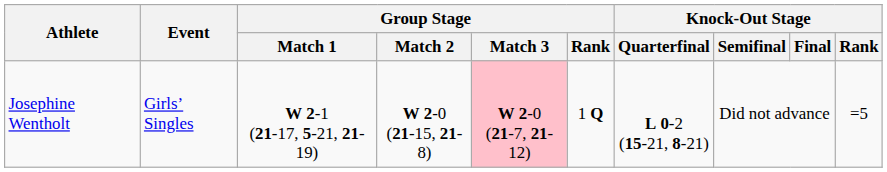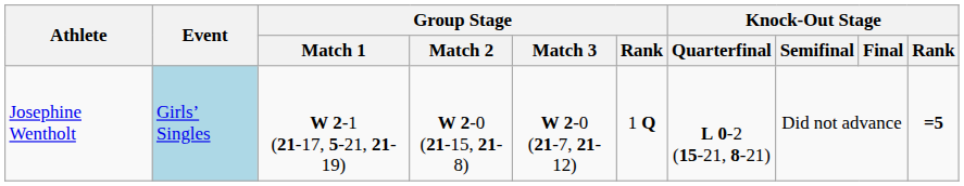 <table class="wikitable" width="85%" style="text-align:left; font-size:90%">
 <tr>
 <th rowspan=2>Athlete</th>
 <th rowspan=2>Event</th>
 <th colspan=4>Group Stage</th>
 <th colspan=4>Knock-Out Stage</th>
 </tr>
 <tr>
 <th>Match 1</th>
 <th>Match 2</th>
 <th>Match 3</th>
 <th>Rank</th>
 <th>Quarterfinal</th>
 <th>Semifinal</th>
 <th>Final</th>
 <th>Rank</th>
 </tr>
 <tr>
 <td><a href='#'>Josephine Wentholt</a></td>
-<td><a href='#'>Girls’ Singles</a></td>
+<td style="background: lightblue;"><a href='#'>Girls’ Singles</a></td>
 <td align=center> <br><br><strong>W</strong> <strong>2</strong>-1 <br> (<strong>21</strong>-17, <strong>5</strong>-21, <strong>21</strong>-19)</td>
 <td align=center> <br><br><strong>W</strong> <strong>2</strong>-0 <br> (<strong>21</strong>-15, <strong>21</strong>-8)</td>
-<td align=center style="background: pink;"> <br><br><strong>W</strong> <strong>2</strong>-0 <br> (<strong>21</strong>-7, <strong>21</strong>-12)</td>
+<td align=center> <br><br><strong>W</strong> <strong>2</strong>-0 <br> (<strong>21</strong>-7, <strong>21</strong>-12)</td>
 <td align=center>1 <strong>Q</strong></td>
 <td align=center> <br><br><strong>L</strong> <strong>0</strong>-2 <br> (<strong>15</strong>-21, <strong>8</strong>-21)</td>
 <td colspan="2" align=center>Did not advance</td>
-<td align=center>=5</td>
+<td align=center><strong>=5</strong></td>
 </tr>
 </table>
